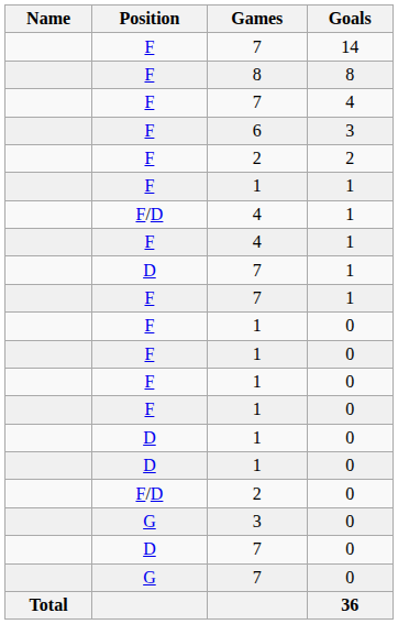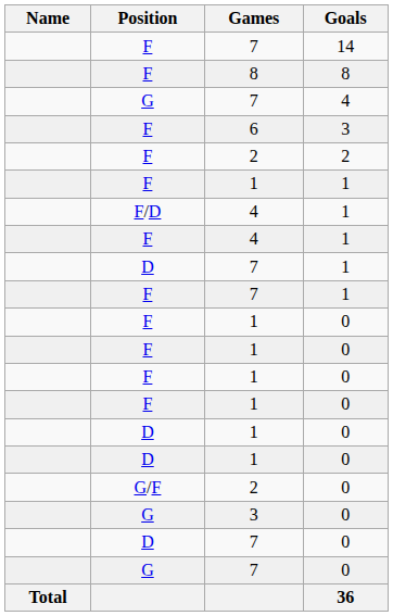 <table class="wikitable sortable" width ="40%">
 <tr align="center">
 <th><strong>Name</strong></th>
 <th><strong>Position</strong></th>
 <th><strong>Games</strong></th>
 <th><strong>Goals</strong></th>
 </tr>
 <tr align="center" bgcolor="">
 <td></td>
 <td><a href='#'>F</a></td>
 <td>7</td>
 <td>14</td>
 </tr>
 <tr align="center" bgcolor="f0f0f0">
 <td></td>
 <td><a href='#'>F</a></td>
 <td>8</td>
 <td>8</td>
 </tr>
 <tr align="center" bgcolor="">
 <td></td>
-<td><a href='#'>F</a></td>
+<td><a href='#'>G</a></td>
 <td>7</td>
 <td>4</td>
 </tr>
 <tr align="center" bgcolor="f0f0f0">
 <td></td>
 <td><a href='#'>F</a></td>
 <td>6</td>
 <td>3</td>
 </tr>
 <tr align="center" bgcolor="">
 <td></td>
 <td><a href='#'>F</a></td>
 <td>2</td>
 <td>2</td>
 </tr>
 <tr align="center" bgcolor="f0f0f0">
 <td></td>
 <td><a href='#'>F</a></td>
 <td>1</td>
 <td>1</td>
 </tr>
 <tr align="center" bgcolor="">
 <td></td>
 <td><a href='#'>F</a>/<a href='#'>D</a></td>
 <td>4</td>
 <td>1</td>
 </tr>
 <tr align="center" bgcolor="f0f0f0">
 <td></td>
 <td><a href='#'>F</a></td>
 <td>4</td>
 <td>1</td>
 </tr>
 <tr align="center" bgcolor="">
 <td></td>
 <td><a href='#'>D</a></td>
 <td>7</td>
 <td>1</td>
 </tr>
 <tr align="center" bgcolor="f0f0f0">
 <td></td>
 <td><a href='#'>F</a></td>
 <td>7</td>
 <td>1</td>
 </tr>
 <tr align="center" bgcolor="">
 <td></td>
 <td><a href='#'>F</a></td>
 <td>1</td>
 <td>0</td>
 </tr>
 <tr align="center" bgcolor="f0f0f0">
 <td></td>
 <td><a href='#'>F</a></td>
 <td>1</td>
 <td>0</td>
 </tr>
 <tr align="center" bgcolor="">
 <td></td>
 <td><a href='#'>F</a></td>
 <td>1</td>
 <td>0</td>
 </tr>
 <tr align="center" bgcolor="f0f0f0">
 <td></td>
 <td><a href='#'>F</a></td>
 <td>1</td>
 <td>0</td>
 </tr>
 <tr align="center" bgcolor="">
 <td></td>
 <td><a href='#'>D</a></td>
 <td>1</td>
 <td>0</td>
 </tr>
 <tr align="center" bgcolor="f0f0f0">
 <td></td>
 <td><a href='#'>D</a></td>
 <td>1</td>
 <td>0</td>
 </tr>
 <tr align="center" bgcolor="">
 <td></td>
-<td><a href='#'>F</a>/<a href='#'>D</a></td>
+<td><a href='#'>G</a>/<a href='#'>F</a></td>
 <td>2</td>
 <td>0</td>
 </tr>
 <tr align="center" bgcolor="f0f0f0">
 <td></td>
 <td><a href='#'>G</a></td>
 <td>3</td>
 <td>0</td>
 </tr>
 <tr align="center" bgcolor="">
 <td></td>
 <td><a href='#'>D</a></td>
 <td>7</td>
 <td>0</td>
 </tr>
 <tr align="center" bgcolor="f0f0f0">
 <td></td>
 <td><a href='#'>G</a></td>
 <td>7</td>
 <td>0</td>
 </tr>
 <tr>
 <th>Total</th>
 <th></th>
 <th></th>
 <th>36</th>
 </tr>
 </table>
